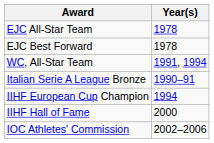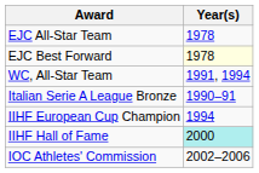 <table class="wikitable">
 <tr>
 <th>Award</th>
 <th>Year(s)</th>
 </tr>
 <tr>
 <td><a href='#'>EJC</a> All-Star Team</td>
 <td><a href='#'>1978</a></td>
 </tr>
 <tr>
 <td>EJC Best Forward</td>
-<td>1978</td>
+<td style="background: lightyellow;">1978</td>
 </tr>
 <tr>
 <td><a href='#'>WC</a>, All-Star Team</td>
 <td><a href='#'>1991</a>, <a href='#'>1994</a></td>
 </tr>
 <tr>
 <td><a href='#'>Italian Serie A League</a> Bronze</td>
 <td><a href='#'>1990–91</a></td>
 </tr>
 <tr>
 <td><a href='#'>IIHF European Cup</a> Champion</td>
 <td><a href='#'>1994</a></td>
 </tr>
 <tr>
 <td><a href='#'>IIHF Hall of Fame</a></td>
-<td>2000</td>
+<td style="background: paleturquoise;">2000</td>
 </tr>
 <tr>
 <td><a href='#'>IOC Athletes' Commission</a></td>
 <td>2002–2006</td>
 </tr>
 </table>
